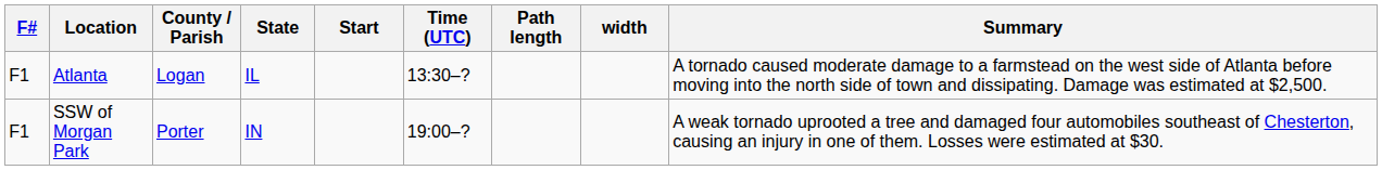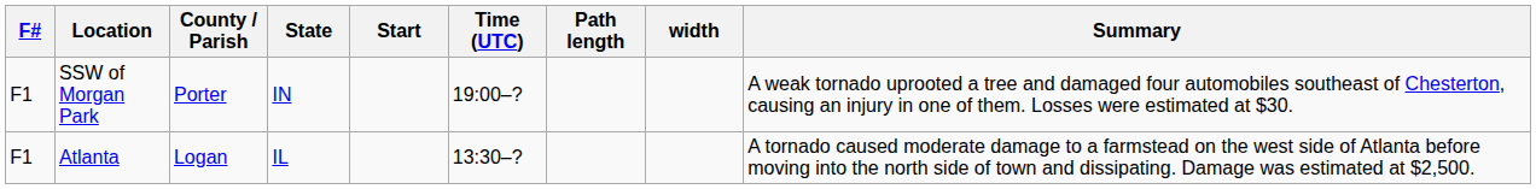 <table class="wikitable sortable" style="width:100%;">
 <tr>
 <th scope="col"  style="width:3%; text-align:center;"><a href='#'>F#</a></th>
 <th scope="col"  style="width:7%; text-align:center;" class="unsortable">Location</th>
 <th scope="col"  style="width:6%; text-align:center;" class="unsortable">County / Parish</th>
 <th scope="col"  style="width:5%; text-align:center;">State</th>
 <th scope="col"  style="width:6%; text-align:center;">Start<br></th>
 <th scope="col"  style="width:6%; text-align:center;">Time (<a href='#'>UTC</a>)</th>
 <th scope="col"  style="width:6%; text-align:center;">Path length</th>
 <th scope="col"  style="width:6%; text-align:center;"> width</th>
 <th scope="col" class="unsortable" style="width:48%; text-align:center;">Summary</th>
 </tr>
 <tr>
 <td>F1</td>
+<td>SSW of <a href='#'>Morgan Park</a></td>
+<td><a href='#'>Porter</a></td>
+<td><a href='#'>IN</a></td>
+<td></td>
+<td>19:00–?</td>
+<td></td>
+<td></td>
+<td>A weak tornado uprooted a tree and damaged four automobiles southeast of <a href='#'>Chesterton</a>, causing an injury in one of them. Losses were estimated at $30.</td>
+</tr>
+<tr>
+<td>F1</td>
 <td><a href='#'>Atlanta</a></td>
 <td><a href='#'>Logan</a></td>
 <td><a href='#'>IL</a></td>
 <td></td>
 <td>13:30–?</td>
 <td></td>
 <td></td>
 <td>A tornado caused moderate damage to a farmstead on the west side of Atlanta before moving into the north side of town and dissipating. Damage was estimated at $2,500.</td>
 </tr>
-<tr>
-<td>F1</td>
-<td>SSW of <a href='#'>Morgan Park</a></td>
-<td><a href='#'>Porter</a></td>
-<td><a href='#'>IN</a></td>
-<td></td>
-<td>19:00–?</td>
-<td></td>
-<td></td>
-<td>A weak tornado uprooted a tree and damaged four automobiles southeast of <a href='#'>Chesterton</a>, causing an injury in one of them. Losses were estimated at $30.</td>
-</tr>
 </table>
